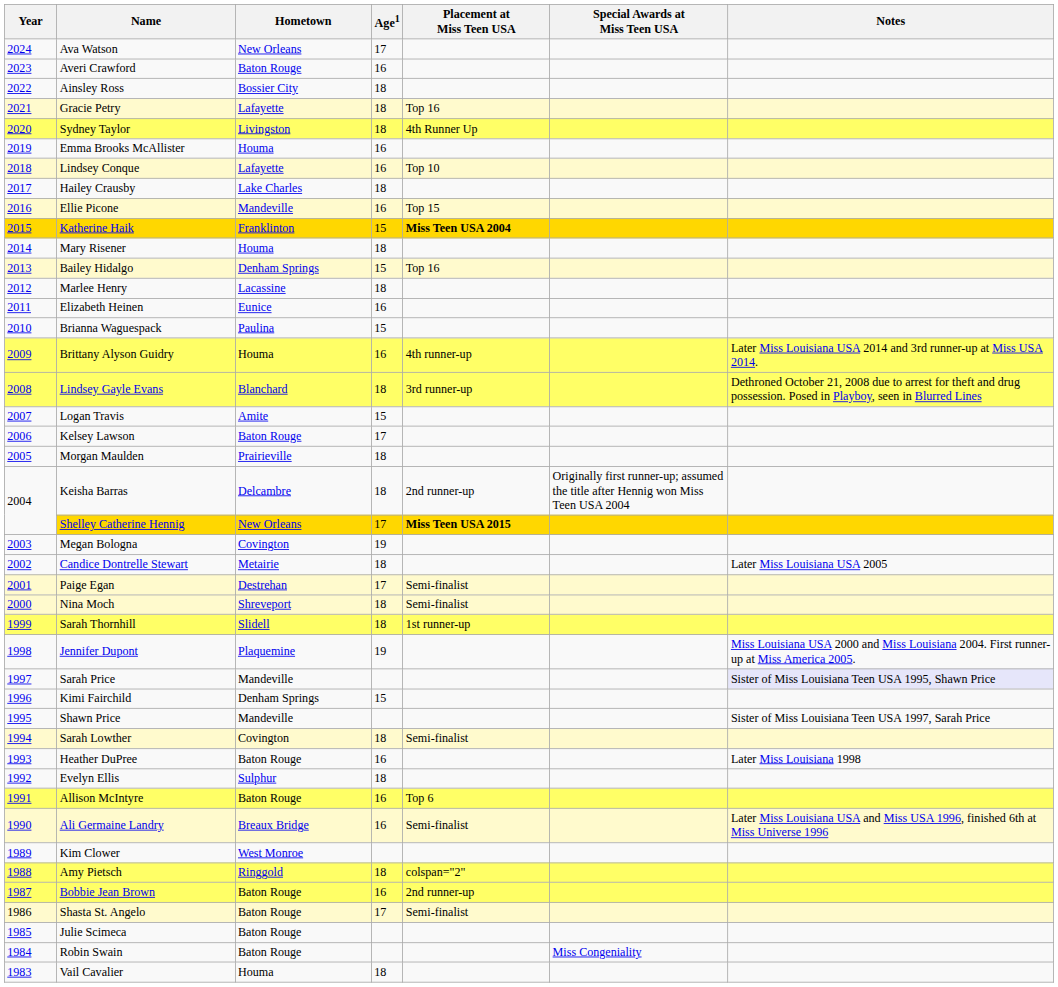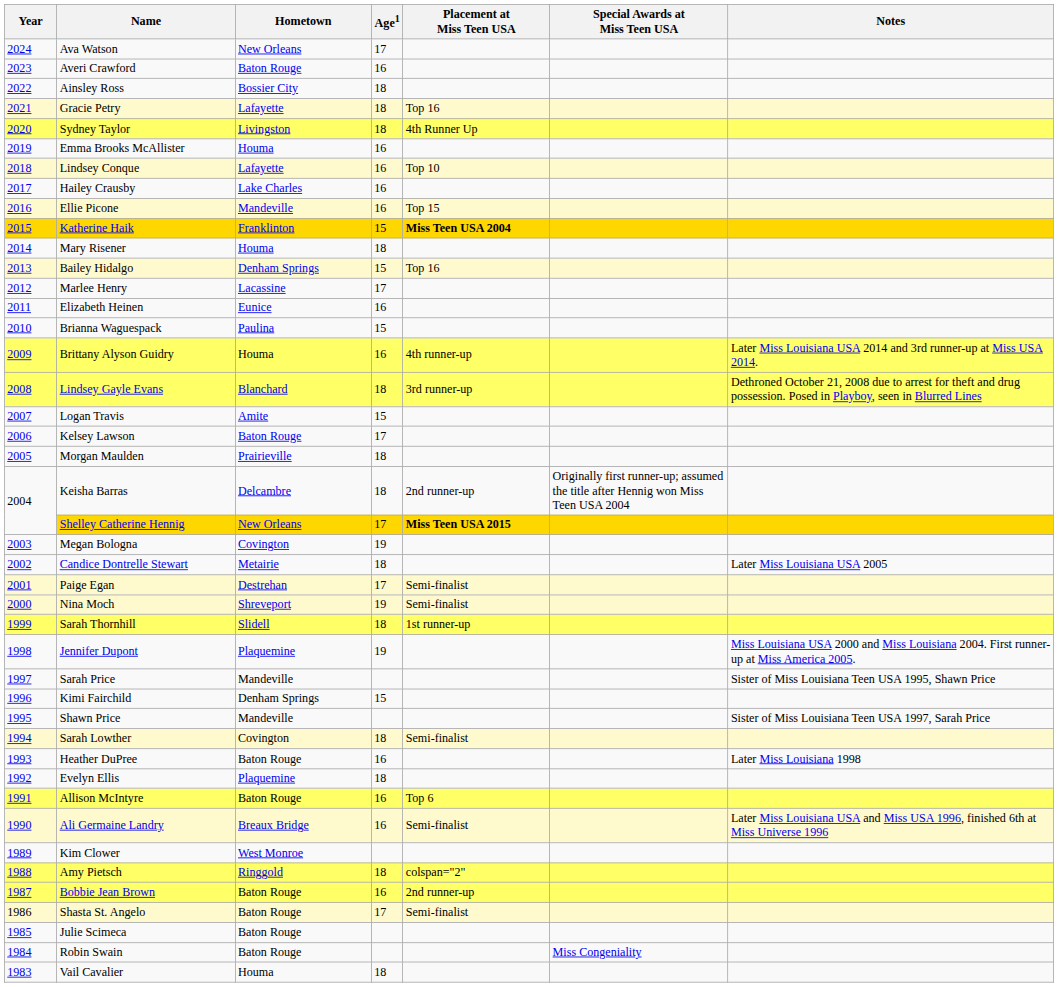 <table class="wikitable"style="font-size:90%;">
 <tr bgcolor="#efefef">
 <th width=5%>Year</th>
 <th width=17%>Name</th>
 <th width=13%>Hometown</th>
 <th width=3%>Age<sup>1</sup></th>
 <th width=14%>Placement at<br>Miss Teen USA</th>
 <th width=17%>Special Awards at<br>Miss Teen  USA</th>
 <th width=31%>Notes</th>
 </tr>
 <tr>
 <td><a href='#'>2024</a></td>
 <td>Ava Watson</td>
 <td><a href='#'>New Orleans</a></td>
 <td>17</td>
 <td></td>
 <td></td>
 <td></td>
 </tr>
 <tr>
 <td><a href='#'>2023</a></td>
 <td>Averi Crawford</td>
 <td><a href='#'>Baton Rouge</a></td>
 <td>16</td>
 <td></td>
 <td></td>
 <td></td>
 </tr>
 <tr>
 <td><a href='#'>2022</a></td>
 <td>Ainsley Ross</td>
 <td><a href='#'>Bossier City</a></td>
 <td>18</td>
 <td></td>
 <td></td>
 <td></td>
 </tr>
 <tr style="background-color:#FFFACD">
 <td><a href='#'>2021</a></td>
 <td>Gracie Petry</td>
 <td><a href='#'>Lafayette</a></td>
 <td>18</td>
 <td>Top 16</td>
 <td></td>
 <td></td>
 </tr>
 <tr style="background-color:#FFFF66;">
 <td><a href='#'>2020</a></td>
 <td>Sydney Taylor</td>
 <td><a href='#'>Livingston</a></td>
 <td>18</td>
 <td>4th Runner Up</td>
 <td></td>
 <td></td>
 </tr>
 <tr>
 <td><a href='#'>2019</a></td>
 <td>Emma Brooks McAllister</td>
 <td><a href='#'>Houma</a></td>
 <td>16</td>
 <td></td>
 <td></td>
 <td></td>
 </tr>
 <tr style="background-color:#FFFACD;">
 <td><a href='#'>2018</a></td>
 <td>Lindsey Conque</td>
 <td><a href='#'>Lafayette</a></td>
 <td>16</td>
 <td>Top 10</td>
 <td></td>
 <td></td>
 </tr>
 <tr>
 <td><a href='#'>2017</a></td>
 <td>Hailey Crausby</td>
 <td><a href='#'>Lake Charles</a></td>
-<td>18</td>
+<td>16</td>
 <td></td>
 <td></td>
 <td></td>
 </tr>
 <tr style="background-color:#FFFACD;">
 <td><a href='#'>2016</a></td>
 <td>Ellie Picone</td>
 <td><a href='#'>Mandeville</a></td>
 <td>16</td>
 <td>Top 15</td>
 <td></td>
 <td></td>
 </tr>
 <tr style="background-color:GOLD;">
 <td><a href='#'>2015</a></td>
 <td><a href='#'>Katherine Haik</a></td>
 <td><a href='#'>Franklinton</a></td>
 <td>15</td>
 <td><strong>Miss Teen USA 2004</strong></td>
 <td></td>
 <td></td>
 </tr>
 <tr>
 <td><a href='#'>2014</a></td>
 <td>Mary Risener</td>
 <td><a href='#'>Houma</a></td>
 <td>18</td>
 <td></td>
 <td></td>
 <td></td>
 </tr>
 <tr style="background-color:#FFFACD;">
 <td><a href='#'>2013</a></td>
 <td>Bailey Hidalgo</td>
 <td><a href='#'>Denham Springs</a></td>
 <td>15</td>
 <td>Top 16</td>
 <td></td>
 <td></td>
 </tr>
 <tr>
 <td><a href='#'>2012</a></td>
 <td>Marlee Henry</td>
 <td><a href='#'>Lacassine</a></td>
-<td>18</td>
+<td>17</td>
 <td></td>
 <td></td>
 <td></td>
 </tr>
 <tr>
 <td><a href='#'>2011</a></td>
 <td>Elizabeth Heinen</td>
 <td><a href='#'>Eunice</a></td>
 <td>16</td>
 <td></td>
 <td></td>
 <td></td>
 </tr>
 <tr>
 <td><a href='#'>2010</a></td>
 <td>Brianna Waguespack</td>
 <td><a href='#'>Paulina</a></td>
 <td>15</td>
 <td></td>
 <td></td>
 <td></td>
 </tr>
 <tr style="background-color:#FFFF66;">
 <td><a href='#'>2009</a></td>
 <td>Brittany Alyson Guidry</td>
 <td>Houma</td>
 <td>16</td>
 <td>4th runner-up</td>
 <td></td>
 <td>Later <a href='#'>Miss Louisiana USA</a> 2014 and 3rd runner-up at <a href='#'>Miss USA 2014</a>.</td>
 </tr>
 <tr style="background-color:#FFFF66;">
 <td><a href='#'>2008</a></td>
 <td><a href='#'>Lindsey Gayle Evans</a></td>
 <td><a href='#'>Blanchard</a></td>
 <td>18</td>
 <td>3rd runner-up</td>
 <td></td>
 <td>Dethroned October 21, 2008 due to arrest for theft and drug possession.  Posed in <a href='#'>Playboy</a>, seen in <a href='#'>Blurred Lines</a></td>
 </tr>
 <tr>
 <td><a href='#'>2007</a></td>
 <td>Logan Travis</td>
 <td><a href='#'>Amite</a></td>
 <td>15</td>
 <td></td>
 <td></td>
 <td></td>
 </tr>
 <tr>
 <td><a href='#'>2006</a></td>
 <td>Kelsey Lawson</td>
 <td><a href='#'>Baton Rouge</a></td>
 <td>17</td>
 <td></td>
 <td></td>
 <td></td>
 </tr>
 <tr>
 <td><a href='#'>2005</a></td>
 <td>Morgan Maulden</td>
 <td><a href='#'>Prairieville</a></td>
 <td>18</td>
 <td></td>
 <td></td>
 <td></td>
 </tr>
 <tr>
 <td rowspan=2>2004</td>
 <td>Keisha Barras</td>
 <td><a href='#'>Delcambre</a></td>
 <td>18</td>
 <td>2nd runner-up</td>
 <td>Originally first runner-up; assumed the title after Hennig won Miss Teen USA 2004</td>
 </tr>
 <tr style="background-color:GOLD;">
 <td><a href='#'>Shelley Catherine Hennig</a></td>
 <td><a href='#'>New Orleans</a></td>
 <td>17</td>
 <td><strong>Miss Teen USA 2015</strong></td>
 <td></td>
 <td></td>
 </tr>
 <tr>
 <td><a href='#'>2003</a></td>
 <td>Megan Bologna</td>
 <td><a href='#'>Covington</a></td>
 <td>19</td>
 <td></td>
 <td></td>
 <td></td>
 </tr>
 <tr>
 <td><a href='#'>2002</a></td>
 <td><a href='#'>Candice Dontrelle Stewart</a></td>
 <td><a href='#'>Metairie</a></td>
 <td>18</td>
 <td></td>
 <td></td>
 <td>Later <a href='#'>Miss Louisiana USA</a> 2005</td>
 </tr>
 <tr style="background-color:#FFFACD;">
 <td><a href='#'>2001</a></td>
 <td>Paige Egan</td>
 <td><a href='#'>Destrehan</a></td>
 <td>17</td>
 <td>Semi-finalist</td>
 <td></td>
 <td></td>
 </tr>
 <tr style="background-color:#FFFACD;">
 <td><a href='#'>2000</a></td>
 <td>Nina Moch</td>
 <td><a href='#'>Shreveport</a></td>
-<td>18</td>
+<td>19</td>
 <td>Semi-finalist</td>
 <td></td>
 <td></td>
 </tr>
 <tr style="background-color:#FFFF66;">
 <td><a href='#'>1999</a></td>
 <td>Sarah Thornhill</td>
 <td><a href='#'>Slidell</a></td>
 <td>18</td>
 <td>1st runner-up</td>
 <td></td>
 <td></td>
 </tr>
 <tr>
 <td><a href='#'>1998</a></td>
 <td><a href='#'>Jennifer Dupont</a></td>
 <td><a href='#'>Plaquemine</a></td>
 <td>19</td>
 <td></td>
 <td></td>
 <td><a href='#'>Miss Louisiana USA</a> 2000 and <a href='#'>Miss Louisiana</a> 2004. First runner-up at <a href='#'>Miss America 2005</a>.</td>
 </tr>
 <tr>
 <td><a href='#'>1997</a></td>
 <td>Sarah Price</td>
 <td>Mandeville</td>
 <td></td>
 <td></td>
 <td></td>
-<td style="background: lavender;">Sister of Miss Louisiana Teen USA 1995, Shawn Price</td>
+<td>Sister of Miss Louisiana Teen USA 1995, Shawn Price</td>
 </tr>
 <tr>
 <td><a href='#'>1996</a></td>
 <td>Kimi Fairchild</td>
 <td>Denham Springs</td>
 <td>15</td>
 <td></td>
 <td></td>
 <td></td>
 </tr>
 <tr>
 <td><a href='#'>1995</a></td>
 <td>Shawn Price</td>
 <td>Mandeville</td>
 <td></td>
 <td></td>
 <td></td>
 <td>Sister of Miss Louisiana Teen USA 1997, Sarah Price</td>
 </tr>
 <tr style="background-color:#FFFACD;">
 <td><a href='#'>1994</a></td>
 <td>Sarah Lowther</td>
 <td>Covington</td>
 <td>18</td>
 <td>Semi-finalist</td>
 <td></td>
 <td></td>
 </tr>
 <tr>
 <td><a href='#'>1993</a></td>
 <td>Heather DuPree</td>
 <td>Baton Rouge</td>
 <td>16</td>
 <td></td>
 <td></td>
 <td>Later <a href='#'>Miss Louisiana</a> 1998</td>
 </tr>
 <tr>
 <td><a href='#'>1992</a></td>
 <td>Evelyn Ellis</td>
-<td><a href='#'>Sulphur</a></td>
+<td><a href='#'>Plaquemine</a></td>
 <td>18</td>
 <td></td>
 <td></td>
 <td></td>
 </tr>
 <tr style="background-color:#FFFF66;">
 <td><a href='#'>1991</a></td>
 <td>Allison McIntyre</td>
 <td>Baton Rouge</td>
 <td>16</td>
 <td>Top 6</td>
 <td></td>
 <td></td>
 </tr>
 <tr style="background-color:#FFFACD;">
 <td><a href='#'>1990</a></td>
 <td><a href='#'>Ali Germaine Landry</a></td>
 <td><a href='#'>Breaux Bridge</a></td>
 <td>16</td>
 <td>Semi-finalist</td>
 <td></td>
 <td>Later <a href='#'>Miss Louisiana USA</a> and <a href='#'>Miss USA 1996</a>, finished 6th at <a href='#'>Miss Universe 1996</a></td>
 </tr>
 <tr>
 <td><a href='#'>1989</a></td>
 <td>Kim Clower</td>
 <td><a href='#'>West Monroe</a></td>
 <td></td>
 <td></td>
 <td></td>
 <td></td>
 </tr>
 <tr style="background-color:#FFFF66;">
 <td><a href='#'>1988</a></td>
 <td>Amy Pietsch</td>
 <td><a href='#'>Ringgold</a></td>
 <td>18</td>
 <td>colspan="2" </td>
 <td></td>
 <td></td>
 </tr>
 <tr style="background-color:#FFFF66;">
 <td><a href='#'>1987</a></td>
 <td><a href='#'>Bobbie Jean Brown</a></td>
 <td>Baton Rouge</td>
 <td>16</td>
 <td>2nd runner-up</td>
 <td></td>
 <td></td>
 </tr>
 <tr style="background-color:#FFFACD;">
 <td>1986</td>
 <td>Shasta St. Angelo</td>
 <td>Baton Rouge</td>
 <td>17</td>
 <td>Semi-finalist</td>
 <td></td>
 <td></td>
 </tr>
 <tr>
 <td><a href='#'>1985</a></td>
 <td>Julie Scimeca</td>
 <td>Baton Rouge</td>
 <td></td>
 <td></td>
 <td></td>
 <td></td>
 </tr>
 <tr>
 <td><a href='#'>1984</a></td>
 <td>Robin Swain</td>
 <td>Baton Rouge</td>
 <td></td>
 <td></td>
 <td><a href='#'>Miss Congeniality</a></td>
 <td></td>
 </tr>
 <tr>
 <td><a href='#'>1983</a></td>
 <td>Vail Cavalier</td>
 <td>Houma</td>
 <td>18</td>
 <td></td>
 <td></td>
 <td></td>
 </tr>
 </table>
